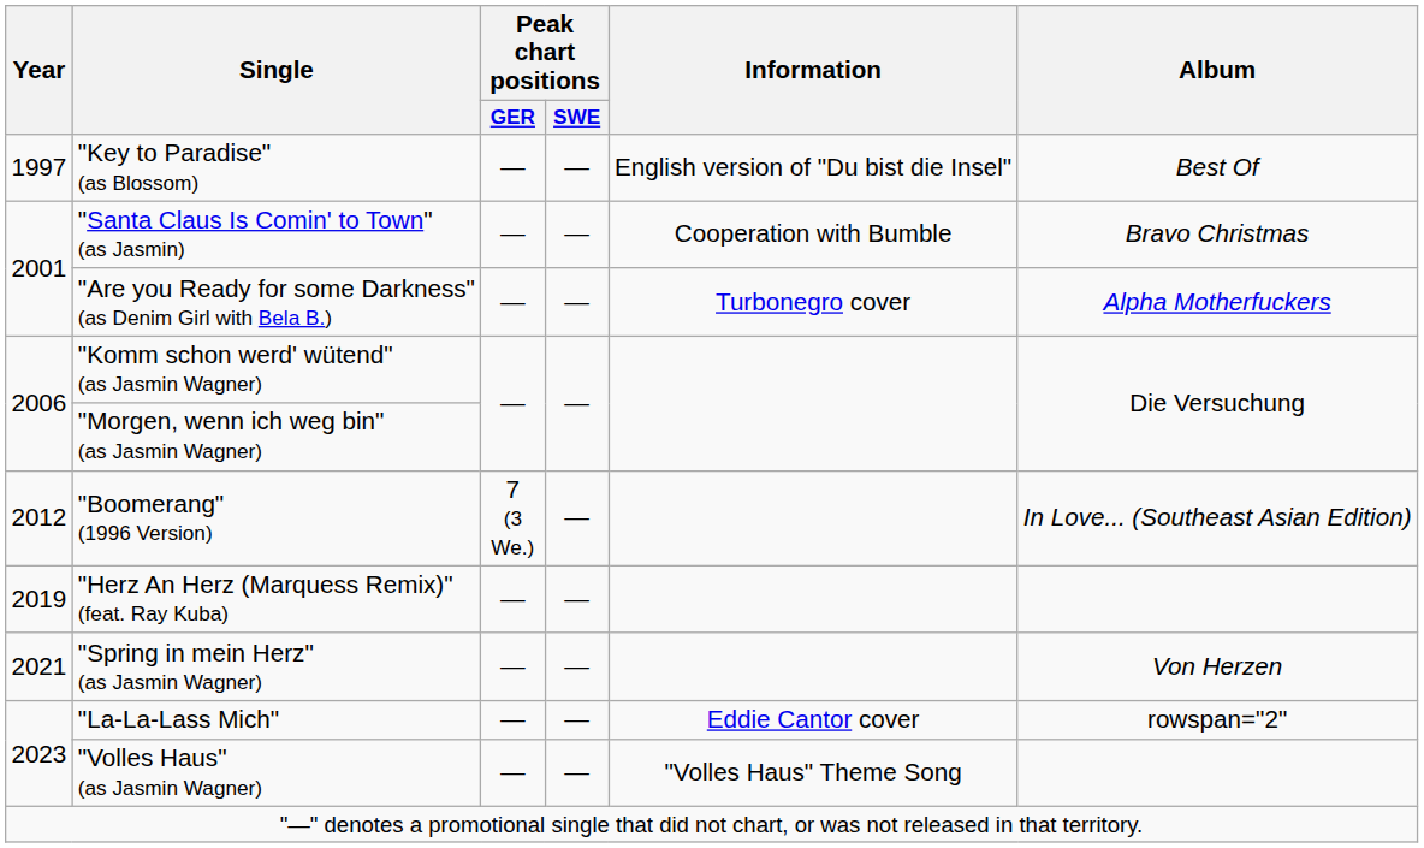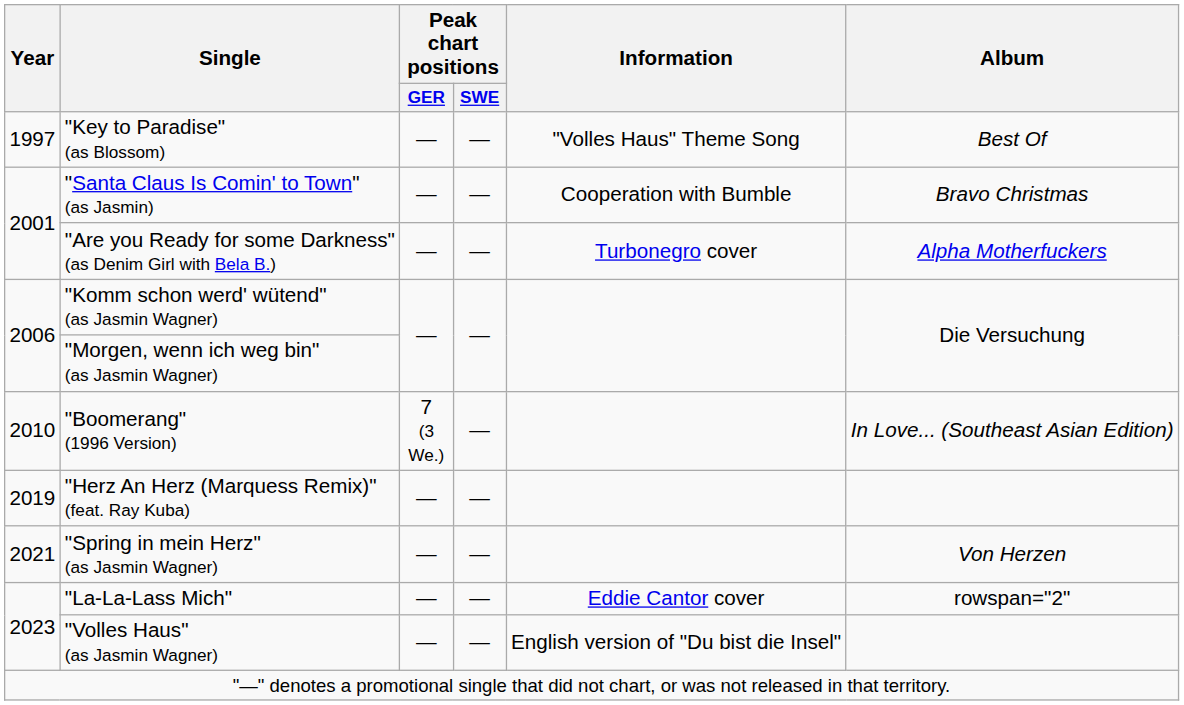 <table class="wikitable" style="text-align:center;">
 <tr>
 <th rowspan="2">Year</th>
 <th rowspan="2">Single</th>
 <th colspan="2">Peak chart positions</th>
 <th rowspan="2">Information</th>
 <th rowspan="2">Album</th>
 </tr>
 <tr style="font-size:smaller;">
 <th width="35"><a href='#'>GER</a><br></th>
 <th width="35"><a href='#'>SWE</a><br></th>
 </tr>
 <tr>
 <td>1997</td>
 <td style="text-align:left;">"Key to Paradise"<br><small>(as Blossom)</small></td>
 <td>—</td>
 <td>—</td>
-<td>English version of "Du bist die Insel"</td>
+<td>"Volles Haus" Theme Song</td>
 <td><em>Best Of</em></td>
 </tr>
 <tr>
 <td rowspan="2">2001</td>
 <td style="text-align:left;">"<a href='#'>Santa Claus Is Comin' to Town</a>"<br><small>(as Jasmin)</small></td>
 <td>—</td>
 <td>—</td>
 <td>Cooperation with Bumble</td>
 <td><em>Bravo Christmas</em></td>
 </tr>
 <tr>
 <td style="text-align:left;">"Are you Ready for some Darkness"<br><small>(as Denim Girl with <a href='#'>Bela B.</a>)</small></td>
 <td>—</td>
 <td>—</td>
 <td><a href='#'>Turbonegro</a> cover</td>
 <td><em><a href='#'>Alpha Motherfuckers</a></em></td>
 </tr>
 <tr>
 <td rowspan="2">2006</td>
 <td style="text-align:left;">"Komm schon werd' wütend"<br><small>(as Jasmin Wagner)</small></td>
 <td rowspan="2">—</td>
 <td rowspan="2">—</td>
 <td rowspan="2"></td>
 <td rowspan="2">Die Versuchung</td>
 </tr>
 <tr>
 <td style="text-align:left;">"Morgen, wenn ich weg bin"<br><small>(as Jasmin Wagner)</small></td>
 </tr>
 <tr>
-<td>2012</td>
+<td>2010</td>
 <td style="text-align:left;">"Boomerang"<br><small>(1996 Version)</small></td>
 <td>7<br><small>(3 We.)</small></td>
 <td>—</td>
 <td></td>
 <td><em>In Love... (Southeast Asian Edition)</em></td>
 </tr>
 <tr>
 <td>2019</td>
 <td style="text-align:left;">"Herz An Herz (Marquess Remix)"<br><small>(feat. Ray Kuba)</small></td>
 <td>—</td>
 <td>—</td>
 <td></td>
 <td></td>
 </tr>
 <tr>
 <td>2021</td>
 <td style="text-align:left;">"Spring in mein Herz"<br><small>(as Jasmin Wagner)</small></td>
 <td>—</td>
 <td>—</td>
 <td></td>
 <td><em>Von Herzen</em></td>
 </tr>
 <tr>
 <td rowspan="2">2023</td>
 <td style="text-align:left;">"La-La-Lass Mich"</td>
 <td>—</td>
 <td>—</td>
 <td><a href='#'>Eddie Cantor</a> cover</td>
 <td>rowspan="2" </td>
 </tr>
 <tr>
 <td style="text-align:left;">"Volles Haus"<br><small>(as Jasmin Wagner)</small></td>
 <td>—</td>
 <td>—</td>
-<td>"Volles Haus" Theme Song</td>
+<td>English version of "Du bist die Insel"</td>
 </tr>
 <tr>
 <td colspan="12" style="font-size:90%">"—" denotes a promotional single that did not chart, or was not released in that territory.</td>
 </tr>
 </table>
